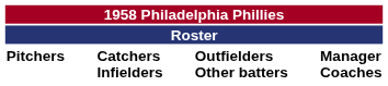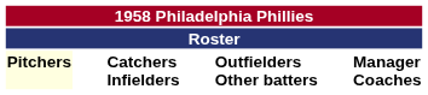 <table class="toccolours" style="font-size: 95%;">
 <tr>
 <th colspan="10" style="background-color: #A50024; color: white; text-align: center;">1958 Philadelphia Phillies</th>
 </tr>
 <tr>
 <td colspan="10" style="background-color: #263473; color: white; text-align: center;"><strong>Roster</strong></td>
 </tr>
 <tr>
-<td valign="top"><strong>Pitchers</strong><br>                  </td>
+<td valign="top" style="background: lightyellow;"><strong>Pitchers</strong><br>                  </td>
 <td width="25px"></td>
 <td valign="top"><strong>Catchers</strong><br>     <strong>Infielders</strong>         </td>
 <td width="25px"></td>
 <td valign="top"><strong>Outfielders</strong><br>       <strong>Other batters</strong> </td>
 <td width="25px"></td>
 <td valign="top"><strong>Manager</strong><br>  <strong>Coaches</strong>    </td>
 </tr>
 </table>
